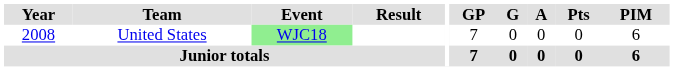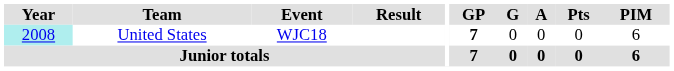 <table border="0" cellpadding="1" cellspacing="0" ID="Table3" style="text-align:center; width:40em">
 <tr ALIGN="center" bgcolor="#e0e0e0">
 <th>Year</th>
 <th>Team</th>
 <th>Event</th>
 <th>Result</th>
 <th rowspan="99" bgcolor="#ffffff"></th>
 <th>GP</th>
 <th>G</th>
 <th>A</th>
 <th>Pts</th>
 <th>PIM</th>
 </tr>
 <tr>
-<td><a href='#'>2008</a></td>
+<td style="background: paleturquoise;"><a href='#'>2008</a></td>
 <td><a href='#'>United States</a></td>
-<td style="background: lightgreen;"><a href='#'>WJC18</a></td>
+<td><a href='#'>WJC18</a></td>
 <td></td>
-<td>7</td>
+<td><strong>7</strong></td>
 <td>0</td>
 <td>0</td>
 <td>0</td>
 <td>6</td>
 </tr>
 <tr bgcolor="#e0e0e0">
 <th colspan="4">Junior totals</th>
 <th>7</th>
 <th>0</th>
 <th>0</th>
 <th>0</th>
 <th>6</th>
 </tr>
 </table>
